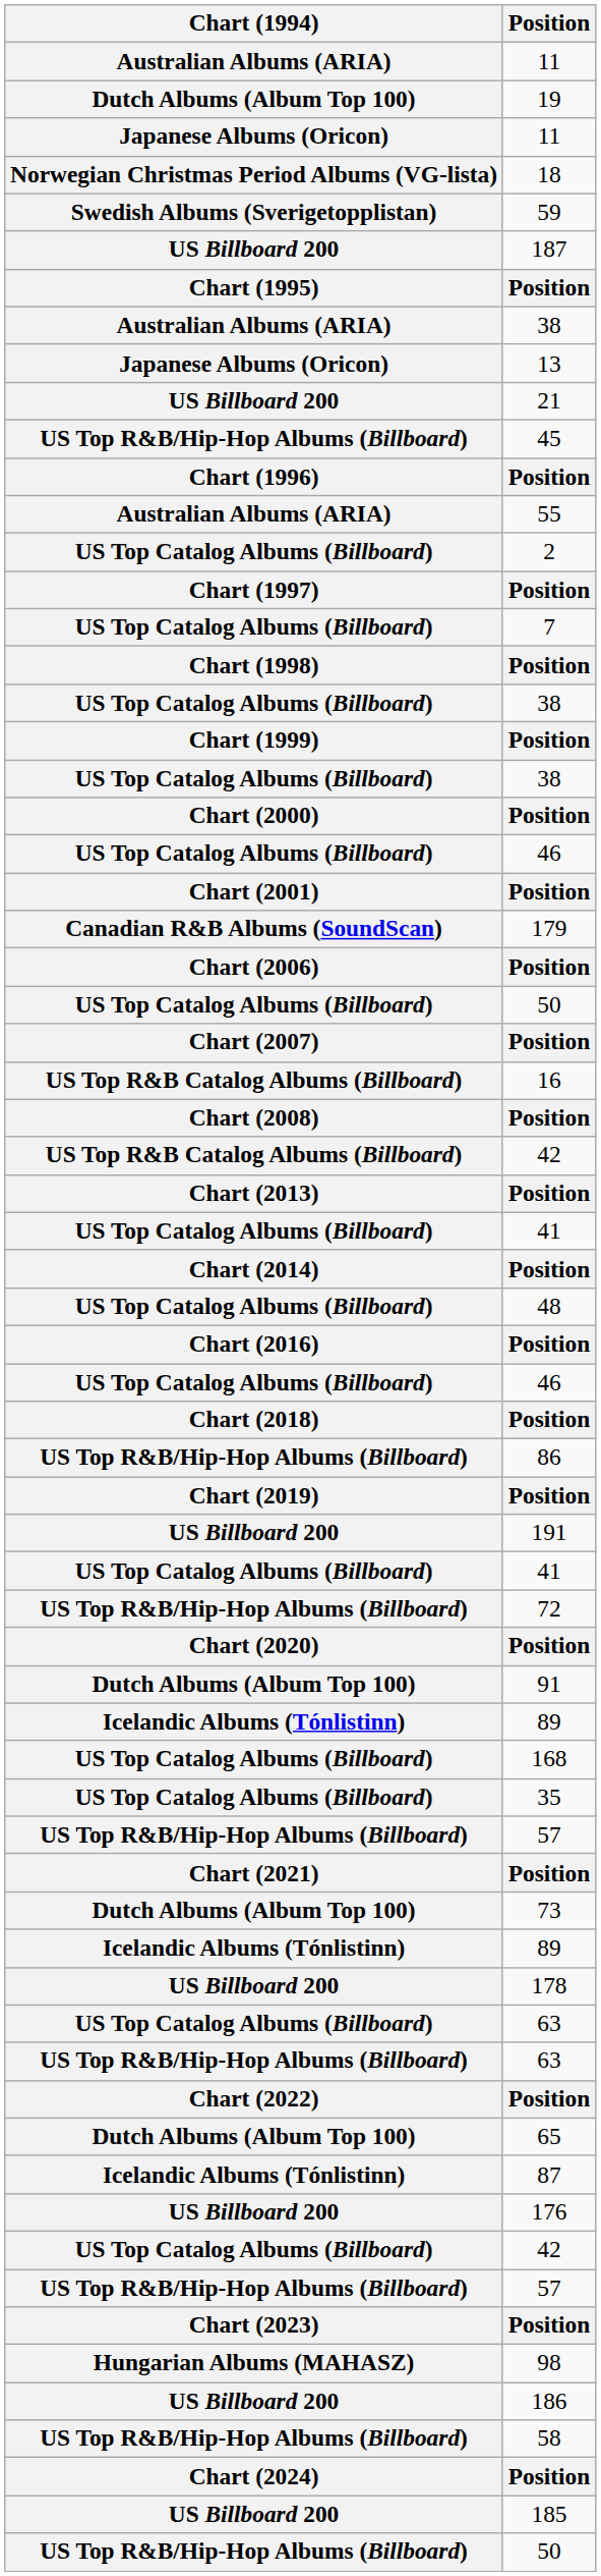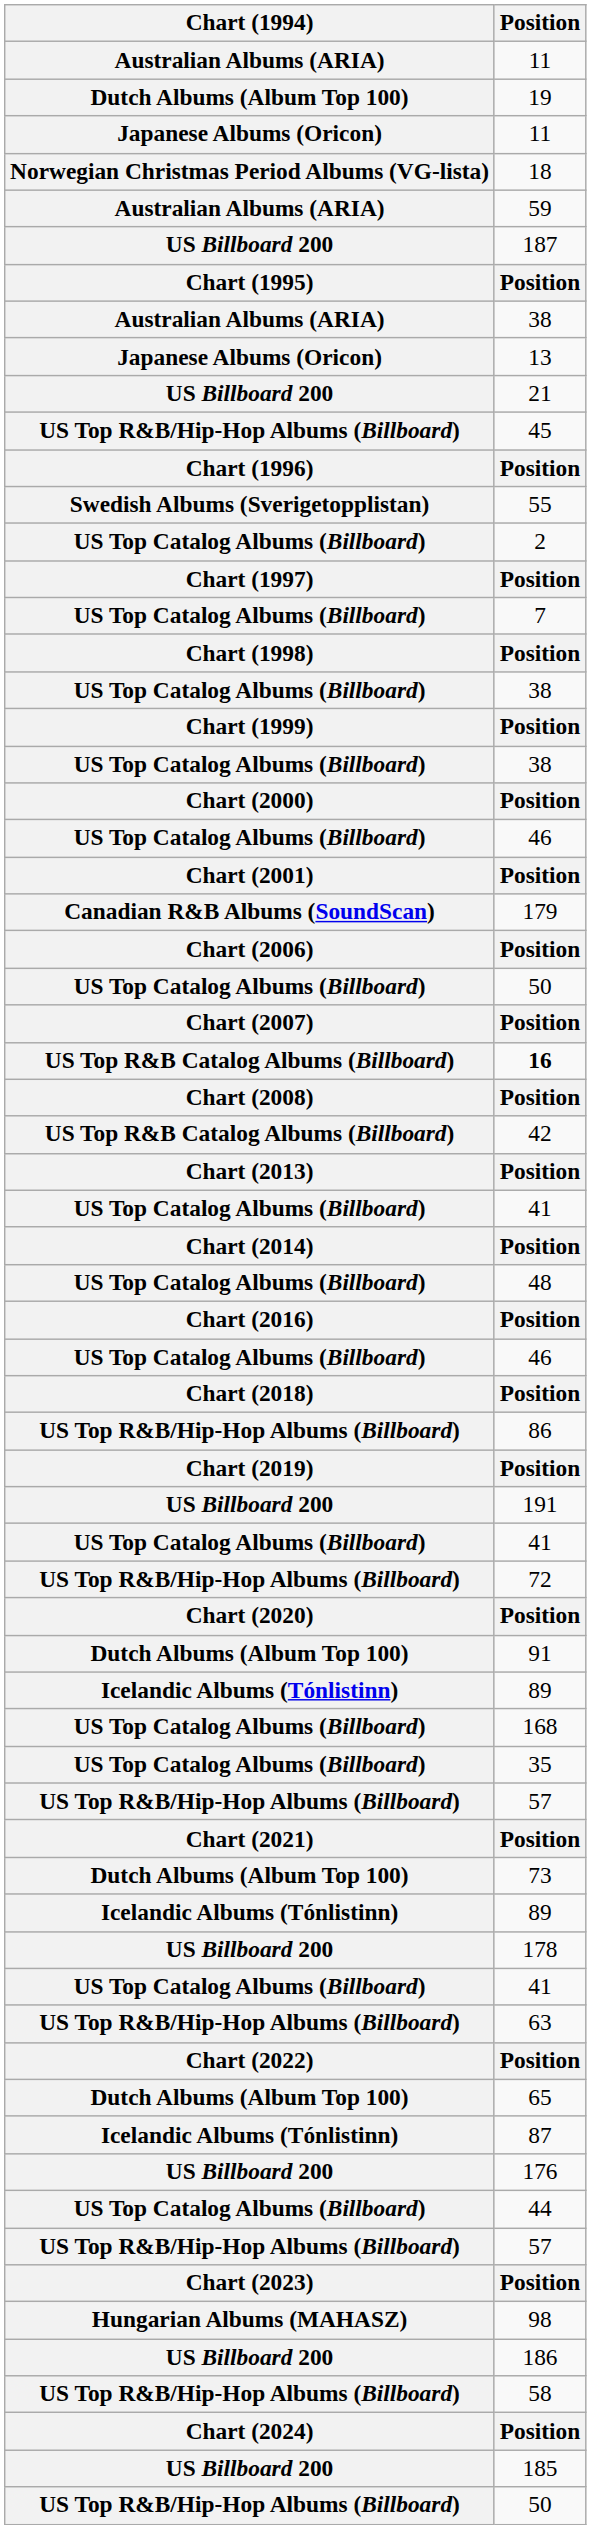 <table class="wikitable sortable plainrowheaders" style="text-align:center">
 <tr>
 <th scope="col">Chart (1994)</th>
 <th scope="col">Position</th>
 </tr>
 <tr>
 <th scope="row">Australian Albums (ARIA)</th>
 <td>11</td>
 </tr>
 <tr>
 <th scope="row">Dutch Albums (Album Top 100)</th>
 <td>19</td>
 </tr>
 <tr>
 <th scope="row">Japanese Albums (Oricon)</th>
 <td>11</td>
 </tr>
 <tr>
 <th scope="row">Norwegian Christmas Period Albums (VG-lista)</th>
 <td>18</td>
 </tr>
 <tr>
-<th scope="row">Swedish Albums (Sverigetopplistan)</th>
+<th scope="row">Australian Albums (ARIA)</th>
 <td>59</td>
 </tr>
 <tr>
 <th scope="row">US <em>Billboard</em> 200</th>
 <td>187</td>
 </tr>
 <tr>
 <th scope="col">Chart (1995)</th>
 <th scope="col">Position</th>
 </tr>
 <tr>
 <th scope="row">Australian Albums (ARIA)</th>
 <td>38</td>
 </tr>
 <tr>
 <th scope="row">Japanese Albums (Oricon)</th>
 <td>13</td>
 </tr>
 <tr>
 <th scope="row">US <em>Billboard</em> 200</th>
 <td>21</td>
 </tr>
 <tr>
 <th scope="row">US Top R&B/Hip-Hop Albums (<em>Billboard</em>)</th>
 <td>45</td>
 </tr>
 <tr>
 <th scope="col">Chart (1996)</th>
 <th scope="col">Position</th>
 </tr>
 <tr>
-<th scope="row">Australian Albums (ARIA)</th>
+<th scope="row">Swedish Albums (Sverigetopplistan)</th>
 <td>55</td>
 </tr>
 <tr>
 <th scope="row">US Top Catalog Albums (<em>Billboard</em>)</th>
 <td>2</td>
 </tr>
 <tr>
 <th scope="col">Chart (1997)</th>
 <th scope="col">Position</th>
 </tr>
 <tr>
 <th scope="row">US Top Catalog Albums (<em>Billboard</em>)</th>
 <td>7</td>
 </tr>
 <tr>
 <th scope="col">Chart (1998)</th>
 <th scope="col">Position</th>
 </tr>
 <tr>
 <th scope="row">US Top Catalog Albums (<em>Billboard</em>)</th>
 <td>38</td>
 </tr>
 <tr>
 <th scope="col">Chart (1999)</th>
 <th scope="col">Position</th>
 </tr>
 <tr>
 <th scope="row">US Top Catalog Albums (<em>Billboard</em>)</th>
 <td>38</td>
 </tr>
 <tr>
 <th scope="col">Chart (2000)</th>
 <th scope="col">Position</th>
 </tr>
 <tr>
 <th scope="row">US Top Catalog Albums (<em>Billboard</em>)</th>
 <td>46</td>
 </tr>
 <tr>
 <th scope="col">Chart (2001)</th>
 <th scope="col">Position</th>
 </tr>
 <tr>
 <th scope="row">Canadian R&B Albums (<a href='#'>SoundScan</a>)</th>
 <td>179</td>
 </tr>
 <tr>
 <th scope="col">Chart (2006)</th>
 <th scope="col">Position</th>
 </tr>
 <tr>
 <th scope="row">US Top Catalog Albums (<em>Billboard</em>)</th>
 <td>50</td>
 </tr>
 <tr>
 <th scope="col">Chart (2007)</th>
 <th scope="col">Position</th>
 </tr>
 <tr>
 <th scope="row">US Top R&B Catalog Albums (<em>Billboard</em>)</th>
-<td>16</td>
+<td><strong>16</strong></td>
 </tr>
 <tr>
 <th scope="col">Chart (2008)</th>
 <th scope="col">Position</th>
 </tr>
 <tr>
 <th scope="row">US Top R&B Catalog Albums (<em>Billboard</em>)</th>
 <td>42</td>
 </tr>
 <tr>
 <th scope="col">Chart (2013)</th>
 <th scope="col">Position</th>
 </tr>
 <tr>
 <th scope="row">US Top Catalog Albums (<em>Billboard</em>)</th>
 <td>41</td>
 </tr>
 <tr>
 <th scope="col">Chart (2014)</th>
 <th scope="col">Position</th>
 </tr>
 <tr>
 <th scope="row">US Top Catalog Albums (<em>Billboard</em>)</th>
 <td>48</td>
 </tr>
 <tr>
 <th scope="col">Chart (2016)</th>
 <th scope="col">Position</th>
 </tr>
 <tr>
 <th scope="row">US Top Catalog Albums (<em>Billboard</em>)</th>
 <td>46</td>
 </tr>
 <tr>
 <th scope="col">Chart (2018)</th>
 <th scope="col">Position</th>
 </tr>
 <tr>
 <th scope="row">US Top R&B/Hip-Hop Albums (<em>Billboard</em>)</th>
 <td>86</td>
 </tr>
 <tr>
 <th scope="col">Chart (2019)</th>
 <th scope="col">Position</th>
 </tr>
 <tr>
 <th scope="row">US <em>Billboard</em> 200</th>
 <td>191</td>
 </tr>
 <tr>
 <th scope="row">US Top Catalog Albums (<em>Billboard</em>)</th>
 <td>41</td>
 </tr>
 <tr>
 <th scope="row">US Top R&B/Hip-Hop Albums (<em>Billboard</em>)</th>
 <td>72</td>
 </tr>
 <tr>
 <th>Chart (2020)</th>
 <th>Position</th>
 </tr>
 <tr>
 <th scope="row">Dutch Albums (Album Top 100)</th>
 <td>91</td>
 </tr>
 <tr>
 <th scope="row">Icelandic Albums (<a href='#'>Tónlistinn</a>)</th>
 <td>89</td>
 </tr>
 <tr>
 <th scope="row">US Top Catalog Albums (<em>Billboard</em>)</th>
 <td>168</td>
 </tr>
 <tr>
 <th scope="row">US Top Catalog Albums (<em>Billboard</em>)</th>
 <td>35</td>
 </tr>
 <tr>
 <th scope="row">US Top R&B/Hip-Hop Albums (<em>Billboard</em>)</th>
 <td>57</td>
 </tr>
 <tr>
 <th>Chart (2021)</th>
 <th>Position</th>
 </tr>
 <tr>
 <th scope="row">Dutch Albums (Album Top 100)</th>
 <td>73</td>
 </tr>
 <tr>
 <th scope="row">Icelandic Albums (Tónlistinn)</th>
 <td>89</td>
 </tr>
 <tr>
 <th scope="row">US <em>Billboard</em> 200</th>
 <td>178</td>
 </tr>
 <tr>
 <th scope="row">US Top Catalog Albums (<em>Billboard</em>)</th>
-<td>63</td>
+<td>41</td>
 </tr>
 <tr>
 <th scope="row">US Top R&B/Hip-Hop Albums (<em>Billboard</em>)</th>
 <td>63</td>
 </tr>
 <tr>
 <th>Chart (2022)</th>
 <th>Position</th>
 </tr>
 <tr>
 <th scope="row">Dutch Albums (Album Top 100)</th>
 <td>65</td>
 </tr>
 <tr>
 <th scope="row">Icelandic Albums (Tónlistinn)</th>
 <td>87</td>
 </tr>
 <tr>
 <th scope="row">US <em>Billboard</em> 200</th>
 <td>176</td>
 </tr>
 <tr>
 <th scope="row">US Top Catalog Albums (<em>Billboard</em>)</th>
-<td>42</td>
+<td>44</td>
 </tr>
 <tr>
 <th scope="row">US Top R&B/Hip-Hop Albums (<em>Billboard</em>)</th>
 <td>57</td>
 </tr>
 <tr>
 <th>Chart (2023)</th>
 <th>Position</th>
 </tr>
 <tr>
 <th scope="row">Hungarian Albums (MAHASZ)</th>
 <td>98</td>
 </tr>
 <tr>
 <th scope="row">US <em>Billboard</em> 200</th>
 <td>186</td>
 </tr>
 <tr>
 <th scope="row">US Top R&B/Hip-Hop Albums (<em>Billboard</em>)</th>
 <td>58</td>
 </tr>
 <tr>
 <th>Chart (2024)</th>
 <th>Position</th>
 </tr>
 <tr>
 <th scope="row">US <em>Billboard</em> 200</th>
 <td>185</td>
 </tr>
 <tr>
 <th scope="row">US Top R&B/Hip-Hop Albums (<em>Billboard</em>)</th>
 <td>50</td>
 </tr>
 </table>
